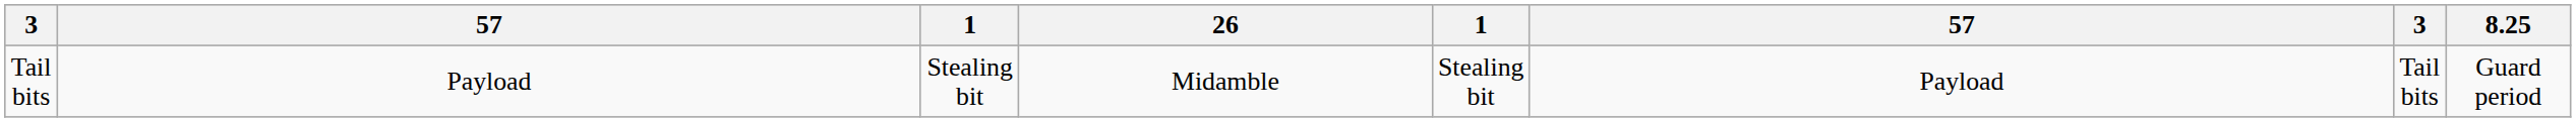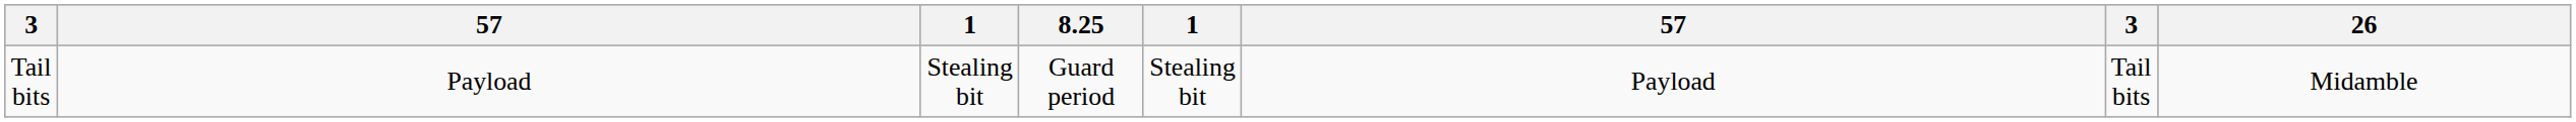 <table class="wikitable" style="text-align:center">
 <tr>
 <th width="2%">3</th>
 <th width="36%">57</th>
 <th width="1%">1</th>
-<th width="17%">26</th>
+<th width="5%">8.25</th>
 <th width="1%">1</th>
 <th width="36%">57</th>
 <th width="2%">3</th>
-<th width="5%">8.25</th>
+<th width="17%">26</th>
 </tr>
 <tr>
 <td>Tail bits</td>
 <td>Payload</td>
 <td>Stealing bit</td>
-<td>Midamble</td>
+<td>Guard period</td>
 <td>Stealing bit</td>
 <td>Payload</td>
 <td>Tail bits</td>
-<td>Guard period</td>
+<td>Midamble</td>
 </tr>
 </table>
